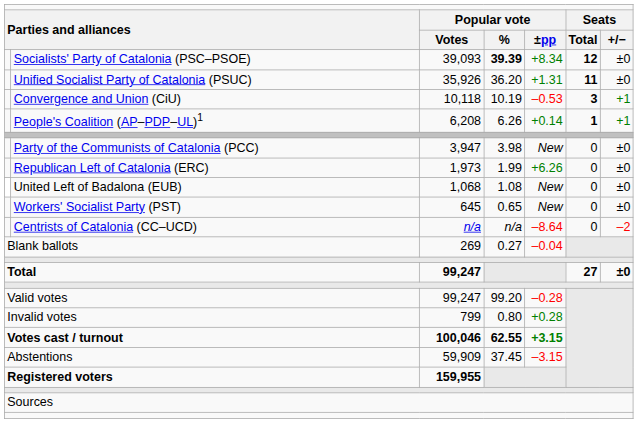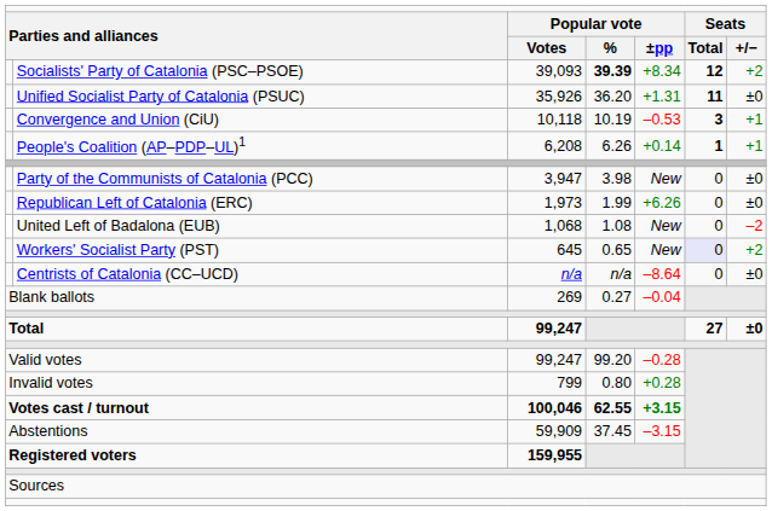 <table class="wikitable" style="text-align:right;">
 <tr>
 <td colspan="7"></td>
 </tr>
 <tr>
 <th style="text-align:left;" rowspan="2" colspan="2" width="525">Parties and alliances</th>
 <th colspan="3">Popular vote</th>
 <th colspan="2">Seats</th>
 </tr>
 <tr>
 <th width="75">Votes</th>
 <th width="45">%</th>
 <th width="45">±<a href='#'>pp</a></th>
 <th width="35">Total</th>
 <th width="35">+/−</th>
 </tr>
 <tr>
 <td width="1" style="color:inherit;background:"></td>
 <td align="left"><a href='#'>Socialists' Party of Catalonia</a> (PSC–PSOE)</td>
 <td>39,093</td>
 <td><strong>39.39</strong></td>
 <td style="color:green;">+8.34</td>
 <td><strong>12</strong></td>
-<td>±0</td>
+<td style="color:green;">+2</td>
 </tr>
 <tr>
 <td style="color:inherit;background:"></td>
 <td align="left"><a href='#'>Unified Socialist Party of Catalonia</a> (PSUC)</td>
 <td>35,926</td>
 <td>36.20</td>
 <td style="color:green;">+1.31</td>
 <td><strong>11</strong></td>
 <td>±0</td>
 </tr>
 <tr>
 <td style="color:inherit;background:"></td>
 <td align="left"><a href='#'>Convergence and Union</a> (CiU)</td>
 <td>10,118</td>
 <td>10.19</td>
 <td style="color:red;">–0.53</td>
 <td><strong>3</strong></td>
 <td style="color:green;">+1</td>
 </tr>
 <tr>
 <td style="color:inherit;background:"></td>
 <td align="left"><a href='#'>People's Coalition</a> (<a href='#'>AP</a>–<a href='#'>PDP</a>–<a href='#'>UL</a>)<sup>1</sup></td>
 <td>6,208</td>
 <td>6.26</td>
 <td style="color:green;">+0.14</td>
 <td><strong>1</strong></td>
 <td style="color:green;">+1</td>
 </tr>
 <tr>
 <td colspan="7" style="color:inherit;background:#C0C0C0"></td>
 </tr>
 <tr>
 <td style="color:inherit;background:"></td>
 <td align="left"><a href='#'>Party of the Communists of Catalonia</a> (PCC)</td>
 <td>3,947</td>
 <td>3.98</td>
 <td><em>New</em></td>
 <td>0</td>
 <td>±0</td>
 </tr>
 <tr>
 <td style="color:inherit;background:"></td>
 <td align="left"><a href='#'>Republican Left of Catalonia</a> (ERC)</td>
 <td>1,973</td>
 <td>1.99</td>
 <td style="color:green;">+6.26</td>
 <td>0</td>
 <td>±0</td>
 </tr>
 <tr>
 <td bgcolor="white"></td>
 <td align="left">United Left of Badalona (EUB)</td>
 <td>1,068</td>
 <td>1.08</td>
 <td><em>New</em></td>
 <td>0</td>
-<td>±0</td>
+<td style="color:red;">–2</td>
 </tr>
 <tr>
 <td style="color:inherit;background:"></td>
 <td align="left"><a href='#'>Workers' Socialist Party</a> (PST)</td>
 <td>645</td>
 <td>0.65</td>
 <td><em>New</em></td>
-<td>0</td>
-<td>±0</td>
+<td style="background: lavender;">0</td>
+<td style="color:green;">+2</td>
 </tr>
 <tr>
 <td style="color:inherit;background:"></td>
 <td align="left"><a href='#'>Centrists of Catalonia</a> (CC–UCD)</td>
 <td><em><a href='#'>n/a</a></em></td>
 <td><em>n/a</em></td>
 <td style="color:red;">–8.64</td>
 <td>0</td>
-<td style="color:red;">–2</td>
+<td>±0</td>
 </tr>
 <tr>
 <td align="left" colspan="2">Blank ballots</td>
 <td>269</td>
 <td>0.27</td>
 <td style="color:red;">–0.04</td>
 <td style="color:inherit;background:#E9E9E9" colspan="2"></td>
 </tr>
 <tr>
 <td colspan="7" style="color:inherit;background:#E9E9E9"></td>
 </tr>
 <tr style="font-weight:bold;">
 <td align="left" colspan="2">Total</td>
 <td>99,247</td>
 <td bgcolor="#E9E9E9" colspan="2"></td>
 <td>27</td>
 <td>±0</td>
 </tr>
 <tr>
 <td colspan="7" style="color:inherit;background:#E9E9E9"></td>
 </tr>
 <tr>
 <td align="left" colspan="2">Valid votes</td>
 <td>99,247</td>
 <td>99.20</td>
 <td style="color:red;">–0.28</td>
 <td bgcolor="#E9E9E9" colspan="2" rowspan="5"></td>
 </tr>
 <tr>
 <td align="left" colspan="2">Invalid votes</td>
 <td>799</td>
 <td>0.80</td>
 <td style="color:green;">+0.28</td>
 </tr>
 <tr style="font-weight:bold;">
 <td align="left" colspan="2">Votes cast / turnout</td>
 <td>100,046</td>
 <td>62.55</td>
 <td style="color:green;">+3.15</td>
 </tr>
 <tr>
 <td align="left" colspan="2">Abstentions</td>
 <td>59,909</td>
 <td>37.45</td>
 <td style="color:red;">–3.15</td>
 </tr>
 <tr style="font-weight:bold;">
 <td align="left" colspan="2">Registered voters</td>
 <td>159,955</td>
 <td bgcolor="#E9E9E9" colspan="2"></td>
 </tr>
 <tr>
 <td colspan="7" style="color:inherit;background:#E9E9E9"></td>
 </tr>
 <tr>
 <td align="left" colspan="7">Sources</td>
 </tr>
 <tr>
 <td colspan="7" style="text-align:left; max-width:790px;"></td>
 </tr>
 </table>
